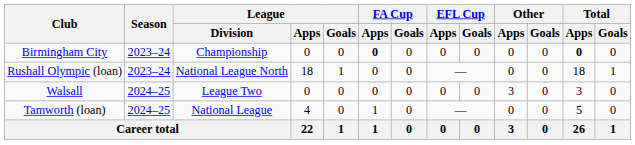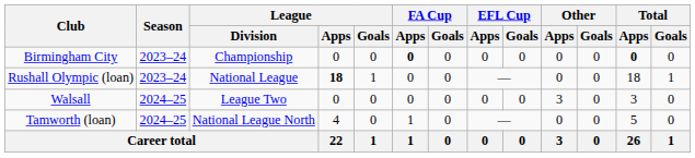 <table class=wikitable style=text-align:center>
 <tr>
 <th rowspan=2>Club</th>
 <th rowspan=2>Season</th>
 <th colspan=3>League</th>
 <th colspan=2><a href='#'>FA Cup</a></th>
 <th colspan=2><a href='#'>EFL Cup</a></th>
 <th colspan=2>Other</th>
 <th colspan=2>Total</th>
 </tr>
 <tr>
 <th>Division</th>
 <th>Apps</th>
 <th>Goals</th>
 <th>Apps</th>
 <th>Goals</th>
 <th>Apps</th>
 <th>Goals</th>
 <th>Apps</th>
 <th>Goals</th>
 <th>Apps</th>
 <th>Goals</th>
 </tr>
 <tr>
 <td><a href='#'>Birmingham City</a></td>
 <td><a href='#'>2023–24</a></td>
 <td><a href='#'>Championship</a></td>
 <td>0</td>
 <td>0</td>
 <td><strong>0</strong></td>
 <td>0</td>
 <td>0</td>
 <td>0</td>
 <td 0>0</td>
 <td 0>0</td>
 <td><strong>0</strong></td>
 <td>0</td>
 </tr>
 <tr>
 <td><a href='#'>Rushall Olympic</a> (loan)</td>
 <td><a href='#'>2023–24</a></td>
-<td><a href='#'>National League North</a></td>
-<td>18</td>
+<td><a href='#'>National League</a></td>
+<td><strong>18</strong></td>
 <td>1</td>
 <td>0</td>
 <td>0</td>
 <td colspan=2>—</td>
 <td>0</td>
 <td>0</td>
 <td>18</td>
 <td>1</td>
 </tr>
 <tr>
 <td><a href='#'>Walsall</a></td>
 <td><a href='#'>2024–25</a></td>
 <td><a href='#'>League Two</a></td>
 <td>0</td>
 <td>0</td>
 <td>0</td>
 <td>0</td>
 <td>0</td>
 <td>0</td>
 <td>3</td>
 <td>0</td>
 <td>3</td>
 <td>0</td>
 </tr>
 <tr>
 <td><a href='#'>Tamworth</a> (loan)</td>
 <td><a href='#'>2024–25</a></td>
-<td><a href='#'>National League</a></td>
+<td><a href='#'>National League North</a></td>
 <td>4</td>
 <td>0</td>
 <td>1</td>
 <td>0</td>
 <td colspan=2>—</td>
 <td>0</td>
 <td>0</td>
 <td>5</td>
 <td>0</td>
 </tr>
 <tr>
 <th colspan=3>Career total</th>
 <th>22</th>
 <th>1</th>
 <th>1</th>
 <th>0</th>
 <th>0</th>
 <th>0</th>
 <th>3</th>
 <th>0</th>
 <th>26</th>
 <th>1</th>
 </tr>
 </table>
